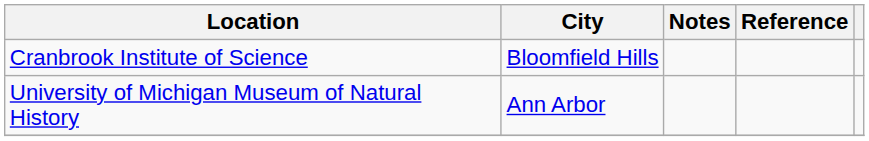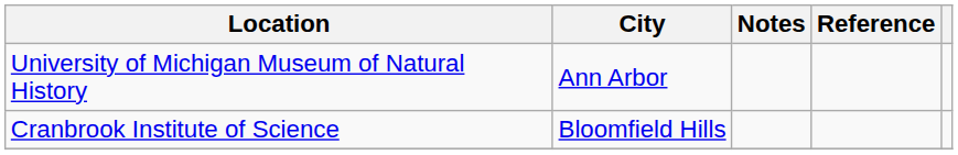 <table class="wikitable">
 <tr>
 <th Width="350">Location</th>
 <th>City</th>
 <th>Notes</th>
 <th>Reference</th>
 <th></th>
 </tr>
 <tr>
+<td><a href='#'>University of Michigan Museum of Natural History</a></td>
+<td><a href='#'>Ann Arbor</a></td>
+<td></td>
+<td></td>
+<td></td>
+</tr>
+<tr>
 <td><a href='#'>Cranbrook Institute of Science</a></td>
 <td><a href='#'>Bloomfield Hills</a></td>
 <td></td>
 <td></td>
 <td></td>
 </tr>
 <tr>
-<td><a href='#'>University of Michigan Museum of Natural History</a></td>
-<td><a href='#'>Ann Arbor</a></td>
-<td></td>
-<td></td>
-<td></td>
-</tr>
-<tr>
 </tr>
 </table>
